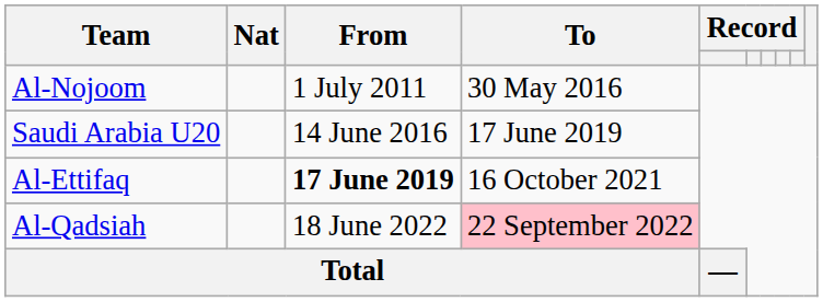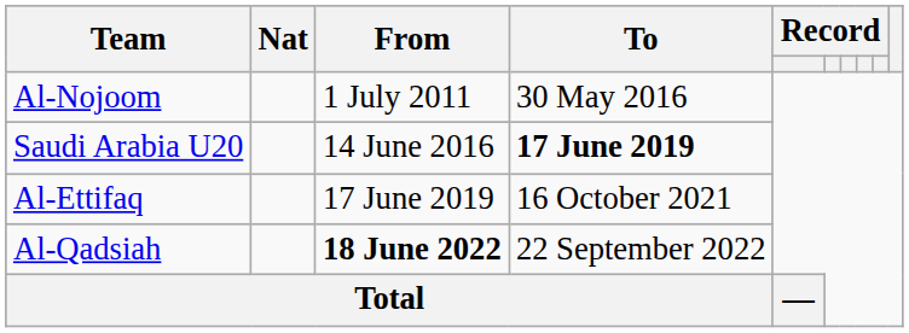 <table class=wikitable style="text-align: center">
 <tr>
 <th rowspan=2>Team</th>
 <th rowspan=2>Nat</th>
 <th rowspan=2>From</th>
 <th rowspan=2>To</th>
 <th colspan=5>Record</th>
 <th rowspan=2></th>
 </tr>
 <tr>
 <th></th>
 <th></th>
 <th></th>
 <th></th>
 <th></th>
 </tr>
 <tr>
 <td align=left><a href='#'>Al-Nojoom</a></td>
 <td></td>
 <td align=left>1 July 2011</td>
 <td align=left>30 May 2016<br></td>
 </tr>
 <tr>
 <td align=left><a href='#'>Saudi Arabia U20</a></td>
 <td></td>
 <td align=left>14 June 2016</td>
-<td align=left>17 June 2019<br></td>
+<td align=left><strong>17 June 2019<br></strong></td>
 </tr>
 <tr>
 <td align=left><a href='#'>Al-Ettifaq</a></td>
 <td></td>
-<td align=left><strong>17 June 2019</strong></td>
+<td align=left>17 June 2019</td>
 <td align=left>16 October 2021<br></td>
 </tr>
 <tr>
 <td align=left><a href='#'>Al-Qadsiah</a></td>
 <td></td>
-<td align=left>18 June 2022</td>
-<td align=left style="background: pink;">22 September 2022<br></td>
+<td align=left><strong>18 June 2022</strong></td>
+<td align=left>22 September 2022<br></td>
 </tr>
 <tr>
 <th colspan=4>Total<br></th>
 <th>—</th>
 </tr>
 </table>
